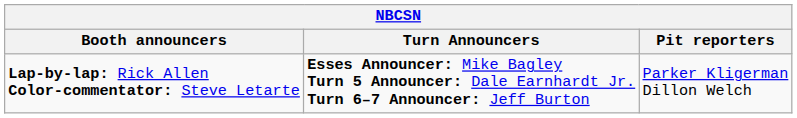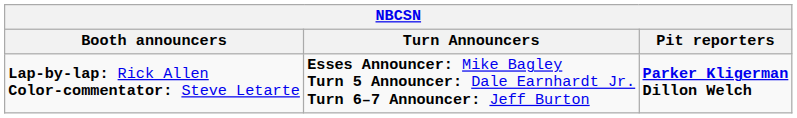 <table class="wikitable" style="font-size: 95%">
 <tr>
 <th colspan="3"><a href='#'>NBCSN</a></th>
 </tr>
 <tr>
 <th>Booth announcers</th>
 <th>Turn Announcers</th>
 <th>Pit reporters</th>
 </tr>
 <tr>
 <td><strong>Lap-by-lap:</strong> <a href='#'>Rick Allen</a><br><strong>Color-commentator:</strong> <a href='#'>Steve Letarte</a></td>
 <td><strong>Esses Announcer:</strong> <a href='#'>Mike Bagley</a><br><strong>Turn 5 Announcer:</strong> <a href='#'>Dale Earnhardt Jr.</a><br><strong>Turn 6–7 Announcer:</strong> <a href='#'>Jeff Burton</a></td>
-<td><a href='#'>Parker Kligerman</a><br>Dillon Welch</td>
+<td><strong><a href='#'>Parker Kligerman</a><br>Dillon Welch</strong></td>
 </tr>
 </table>
